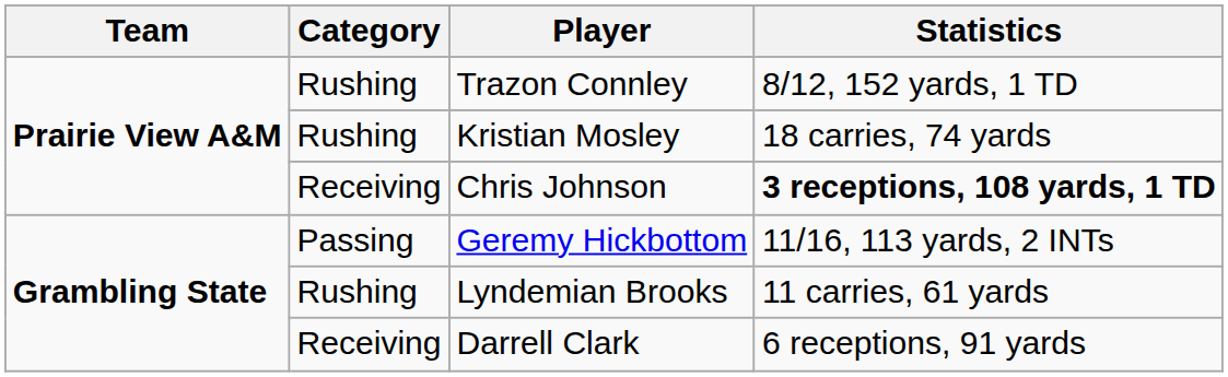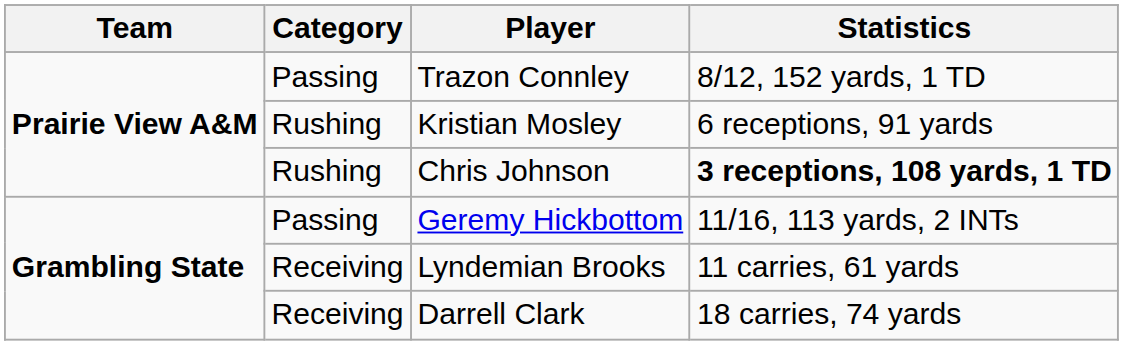 <table class="wikitable" style="float: left;">
 <tr>
 <th>Team</th>
 <th>Category</th>
 <th>Player</th>
 <th>Statistics</th>
 </tr>
 <tr>
 <td rowspan=3><strong>Prairie View A&M</strong></td>
-<td>Rushing</td>
+<td>Passing</td>
 <td>Trazon Connley</td>
 <td>8/12, 152 yards, 1 TD</td>
 </tr>
 <tr>
 <td>Rushing</td>
 <td>Kristian Mosley</td>
-<td>18 carries, 74 yards</td>
+<td>6 receptions, 91 yards</td>
 </tr>
 <tr>
-<td>Receiving</td>
+<td>Rushing</td>
 <td>Chris Johnson</td>
 <td><strong>3 receptions, 108 yards, 1 TD</strong></td>
 </tr>
 <tr>
 <td rowspan=3><strong>Grambling State</strong></td>
 <td>Passing</td>
 <td><a href='#'>Geremy Hickbottom</a></td>
 <td>11/16, 113 yards, 2 INTs</td>
 </tr>
 <tr>
-<td>Rushing</td>
+<td>Receiving</td>
 <td>Lyndemian Brooks</td>
 <td>11 carries, 61 yards</td>
 </tr>
 <tr>
 <td>Receiving</td>
 <td>Darrell Clark</td>
-<td>6 receptions, 91 yards</td>
+<td>18 carries, 74 yards</td>
 </tr>
 </table>
